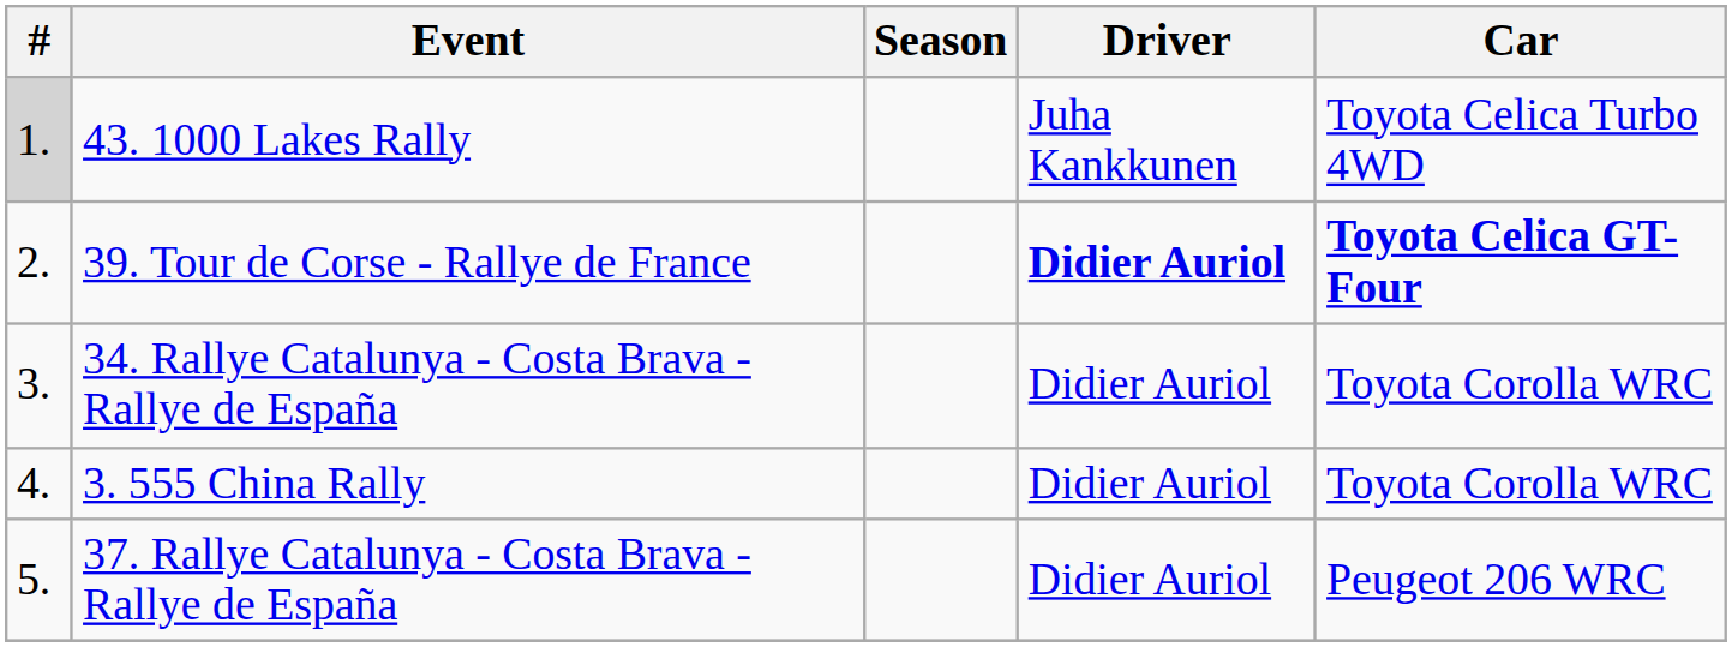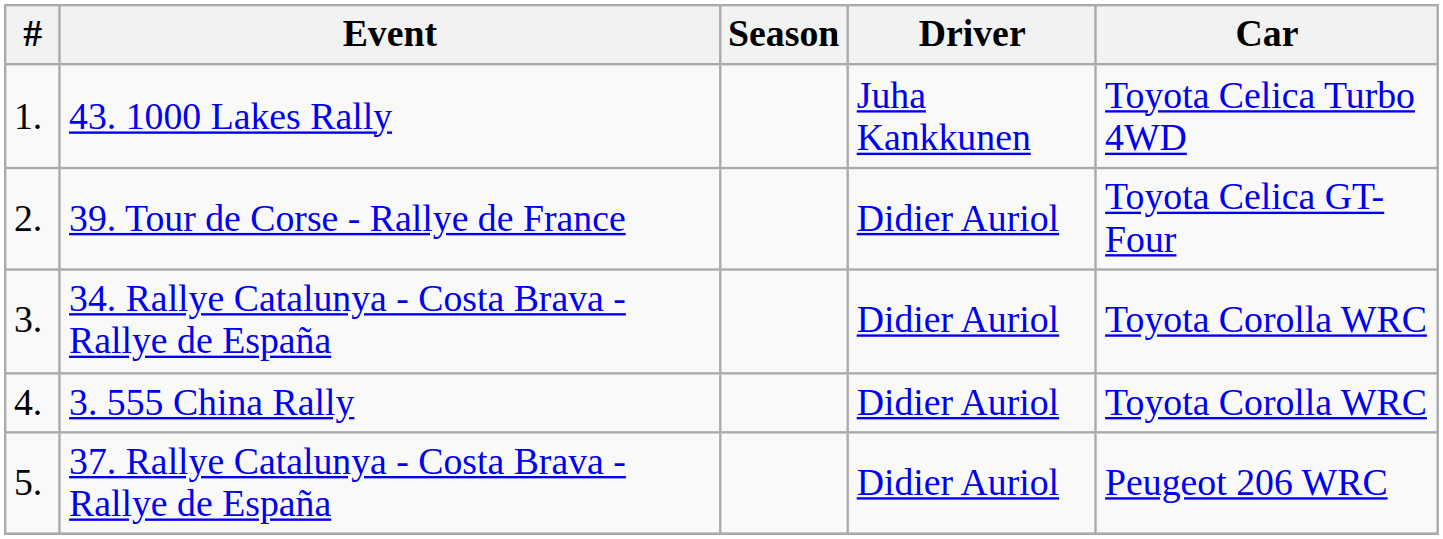 <table class="wikitable">
 <tr>
 <th> # </th>
 <th>Event</th>
 <th>Season</th>
 <th>Driver</th>
 <th>Car</th>
 </tr>
 <tr>
-<td style="background: lightgrey;">1.</td>
+<td>1.</td>
 <td> <a href='#'>43. 1000 Lakes Rally</a></td>
 <td></td>
 <td> <a href='#'>Juha Kankkunen</a></td>
 <td><a href='#'>Toyota Celica Turbo 4WD</a></td>
 </tr>
 <tr>
 <td>2.</td>
 <td> <a href='#'>39. Tour de Corse - Rallye de France</a></td>
 <td></td>
-<td><strong> <a href='#'>Didier Auriol</a></strong></td>
-<td><strong><a href='#'>Toyota Celica GT-Four</a></strong></td>
+<td> <a href='#'>Didier Auriol</a></td>
+<td><a href='#'>Toyota Celica GT-Four</a></td>
 </tr>
 <tr>
 <td>3.</td>
 <td> <a href='#'>34. Rallye Catalunya - Costa Brava - Rallye de España</a></td>
 <td></td>
 <td> <a href='#'>Didier Auriol</a></td>
 <td><a href='#'>Toyota Corolla WRC</a></td>
 </tr>
 <tr>
 <td>4.</td>
 <td> <a href='#'>3. 555 China Rally</a></td>
 <td></td>
 <td> <a href='#'>Didier Auriol</a></td>
 <td><a href='#'>Toyota Corolla WRC</a></td>
 </tr>
 <tr>
 <td>5.</td>
 <td> <a href='#'>37. Rallye Catalunya - Costa Brava - Rallye de España</a></td>
 <td></td>
 <td> <a href='#'>Didier Auriol</a></td>
 <td><a href='#'>Peugeot 206 WRC</a></td>
 </tr>
 <tr>
 </tr>
 </table>
